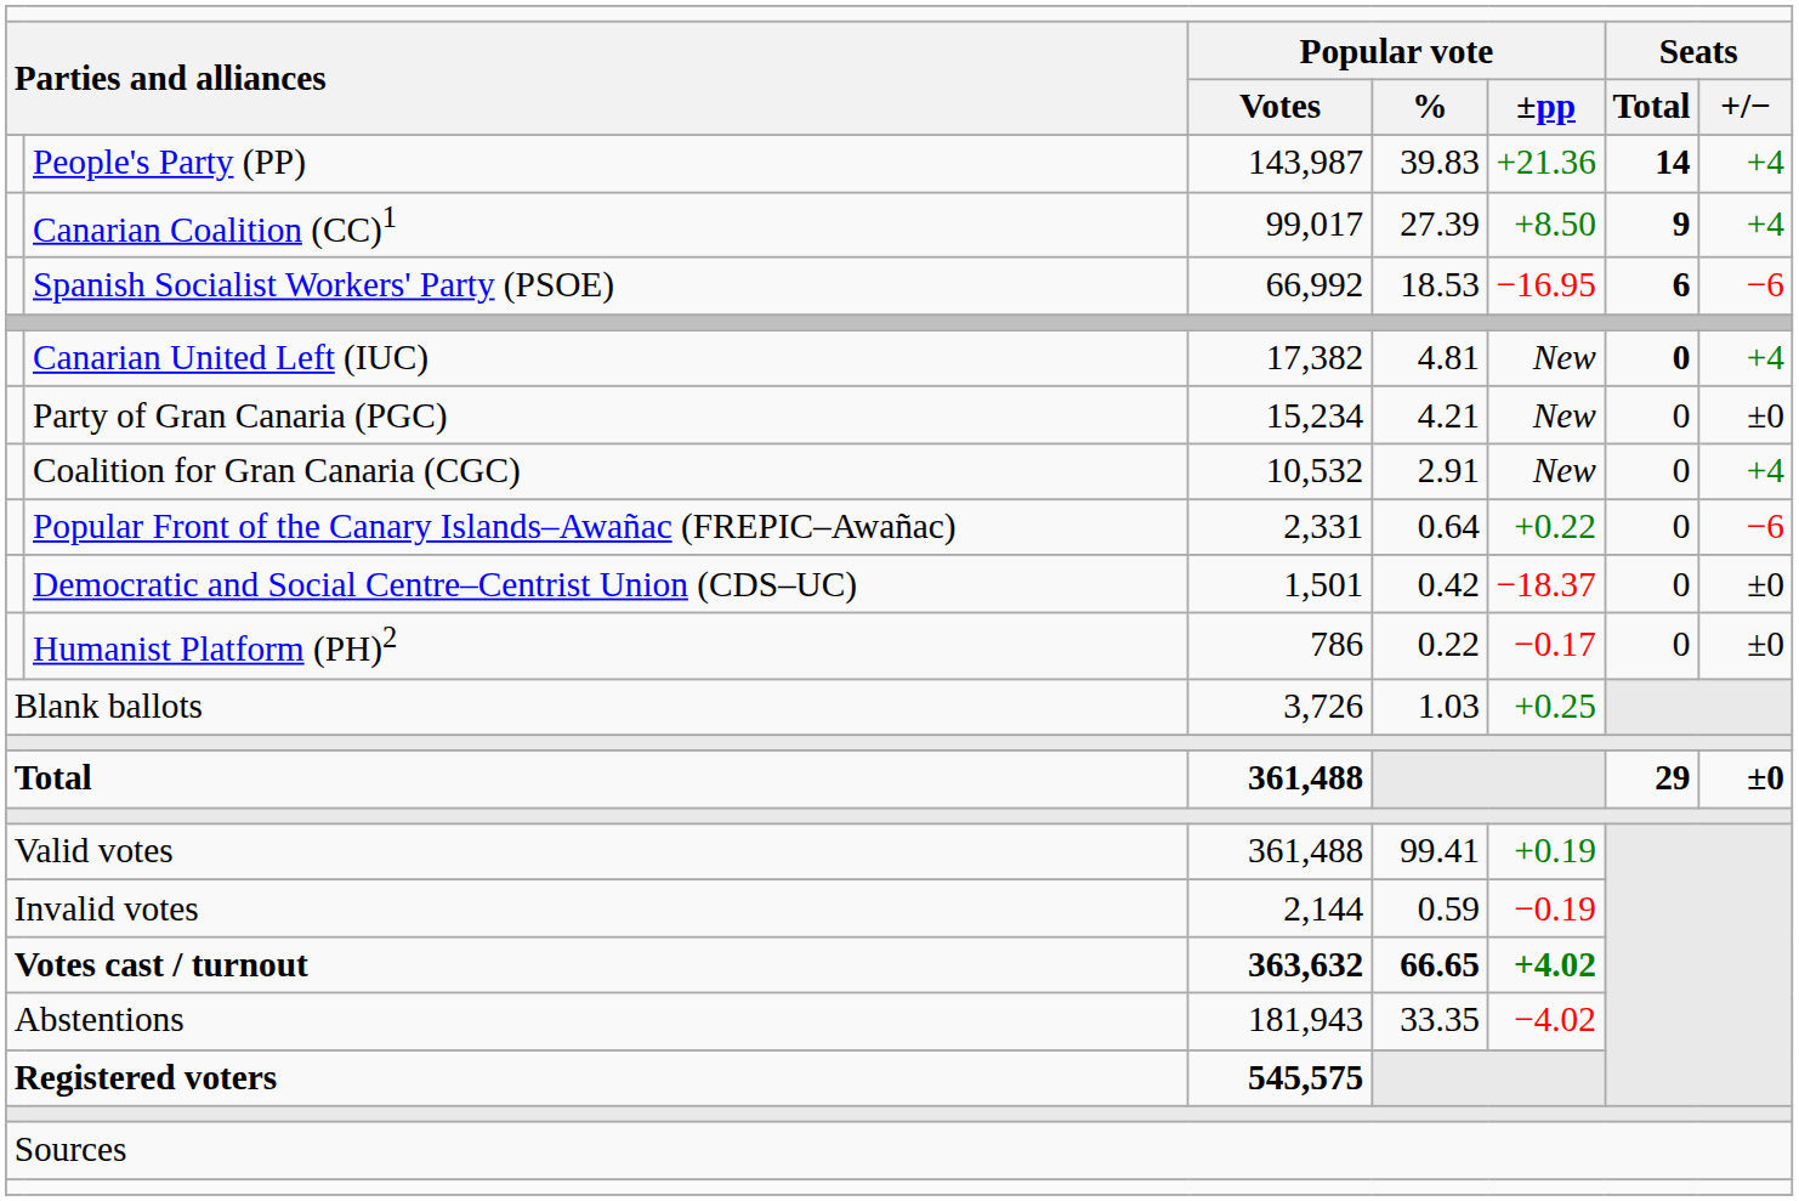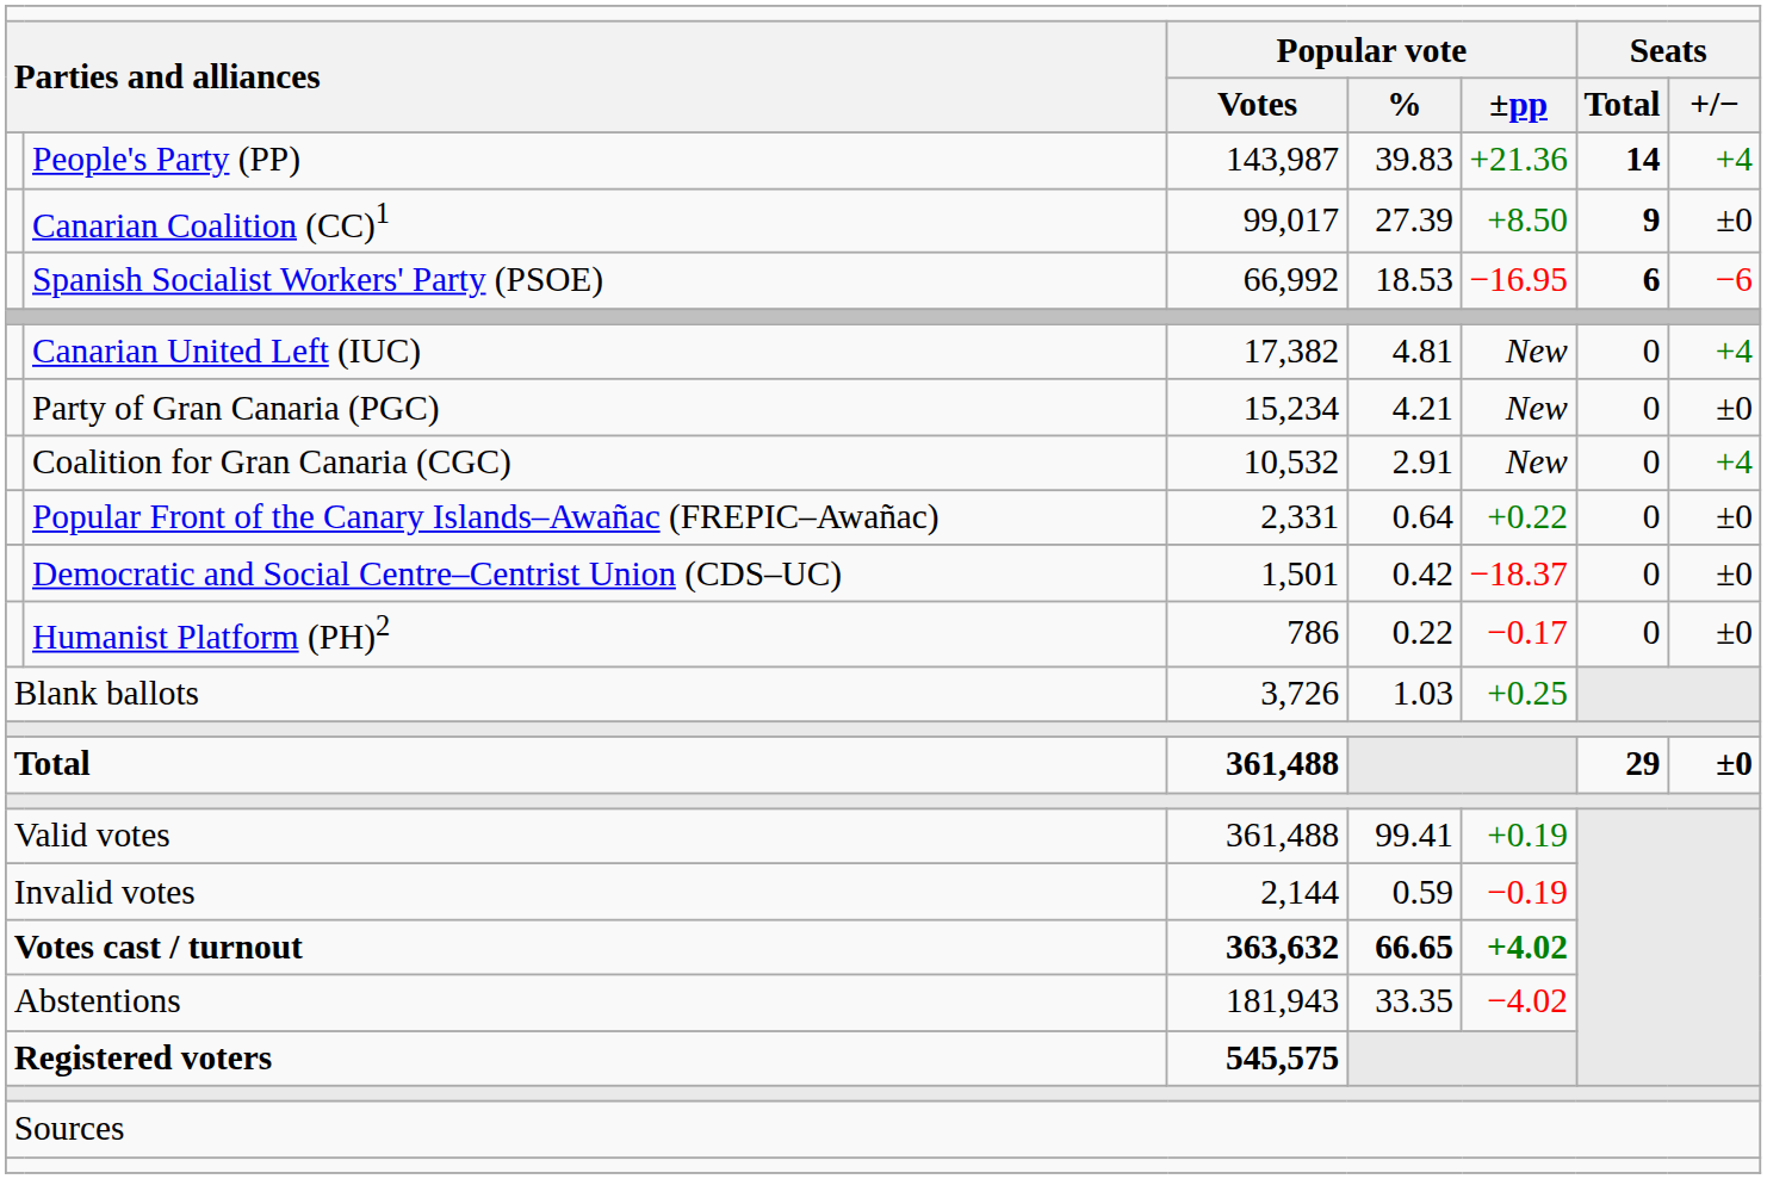 <table class="wikitable" style="text-align:right;">
 <tr>
 <td colspan="7"></td>
 </tr>
 <tr>
 <th style="text-align:left;" rowspan="2" colspan="2" width="525">Parties and alliances</th>
 <th colspan="3">Popular vote</th>
 <th colspan="2">Seats</th>
 </tr>
 <tr>
 <th width="75">Votes</th>
 <th width="45">%</th>
 <th width="45">±<a href='#'>pp</a></th>
 <th width="35">Total</th>
 <th width="35">+/−</th>
 </tr>
 <tr>
 <td width="1" style="color:inherit;background:"></td>
 <td align="left"><a href='#'>People's Party</a> (PP)</td>
 <td>143,987</td>
 <td>39.83</td>
 <td style="color:green;">+21.36</td>
 <td><strong>14</strong></td>
 <td style="color:green;">+4</td>
 </tr>
 <tr>
 <td style="color:inherit;background:"></td>
 <td align="left"><a href='#'>Canarian Coalition</a> (CC)<sup>1</sup></td>
 <td>99,017</td>
 <td>27.39</td>
 <td style="color:green;">+8.50</td>
 <td><strong>9</strong></td>
-<td style="color:green;">+4</td>
+<td>±0</td>
 </tr>
 <tr>
 <td style="color:inherit;background:"></td>
 <td align="left"><a href='#'>Spanish Socialist Workers' Party</a> (PSOE)</td>
 <td>66,992</td>
 <td>18.53</td>
 <td style="color:red;">−16.95</td>
 <td><strong>6</strong></td>
 <td style="color:red;">−6</td>
 </tr>
 <tr>
 <td colspan="7" bgcolor="#C0C0C0"></td>
 </tr>
 <tr>
 <td style="color:inherit;background:"></td>
 <td align="left"><a href='#'>Canarian United Left</a> (IUC)</td>
 <td>17,382</td>
 <td>4.81</td>
 <td><em>New</em></td>
-<td><strong>0</strong></td>
+<td>0</td>
 <td style="color:green;">+4</td>
 </tr>
 <tr>
 <td style="color:inherit;background:"></td>
 <td align="left">Party of Gran Canaria (PGC)</td>
 <td>15,234</td>
 <td>4.21</td>
 <td><em>New</em></td>
 <td>0</td>
 <td>±0</td>
 </tr>
 <tr>
 <td style="color:inherit;background:"></td>
 <td align="left">Coalition for Gran Canaria (CGC)</td>
 <td>10,532</td>
 <td>2.91</td>
 <td><em>New</em></td>
 <td>0</td>
 <td style="color:green;">+4</td>
 </tr>
 <tr>
 <td style="color:inherit;background:"></td>
 <td align="left"><a href='#'>Popular Front of the Canary Islands–Awañac</a> (FREPIC–Awañac)</td>
 <td>2,331</td>
 <td>0.64</td>
 <td style="color:green;">+0.22</td>
 <td>0</td>
-<td style="color:red;">−6</td>
+<td>±0</td>
 </tr>
 <tr>
 <td style="color:inherit;background:"></td>
 <td align="left"><a href='#'>Democratic and Social Centre–Centrist Union</a> (CDS–UC)</td>
 <td>1,501</td>
 <td>0.42</td>
 <td style="color:red;">−18.37</td>
 <td>0</td>
 <td>±0</td>
 </tr>
 <tr>
 <td style="color:inherit;background:"></td>
 <td align="left"><a href='#'>Humanist Platform</a> (PH)<sup>2</sup></td>
 <td>786</td>
 <td>0.22</td>
 <td style="color:red;">−0.17</td>
 <td>0</td>
 <td>±0</td>
 </tr>
 <tr>
 <td align="left" colspan="2">Blank ballots</td>
 <td>3,726</td>
 <td>1.03</td>
 <td style="color:green;">+0.25</td>
 <td bgcolor="#E9E9E9" colspan="2"></td>
 </tr>
 <tr>
 <td colspan="7" bgcolor="#E9E9E9"></td>
 </tr>
 <tr style="font-weight:bold;">
 <td align="left" colspan="2">Total</td>
 <td>361,488</td>
 <td bgcolor="#E9E9E9" colspan="2"></td>
 <td>29</td>
 <td>±0</td>
 </tr>
 <tr>
 <td colspan="7" bgcolor="#E9E9E9"></td>
 </tr>
 <tr>
 <td align="left" colspan="2">Valid votes</td>
 <td>361,488</td>
 <td>99.41</td>
 <td style="color:green;">+0.19</td>
 <td bgcolor="#E9E9E9" colspan="2" rowspan="5"></td>
 </tr>
 <tr>
 <td align="left" colspan="2">Invalid votes</td>
 <td>2,144</td>
 <td>0.59</td>
 <td style="color:red;">−0.19</td>
 </tr>
 <tr style="font-weight:bold;">
 <td align="left" colspan="2">Votes cast / turnout</td>
 <td>363,632</td>
 <td>66.65</td>
 <td style="color:green;">+4.02</td>
 </tr>
 <tr>
 <td align="left" colspan="2">Abstentions</td>
 <td>181,943</td>
 <td>33.35</td>
 <td style="color:red;">−4.02</td>
 </tr>
 <tr style="font-weight:bold;">
 <td align="left" colspan="2">Registered voters</td>
 <td>545,575</td>
 <td bgcolor="#E9E9E9" colspan="2"></td>
 </tr>
 <tr>
 <td colspan="7" bgcolor="#E9E9E9"></td>
 </tr>
 <tr>
 <td align="left" colspan="7">Sources</td>
 </tr>
 <tr>
 <td colspan="7" style="text-align:left; max-width:790px;"></td>
 </tr>
 </table>
